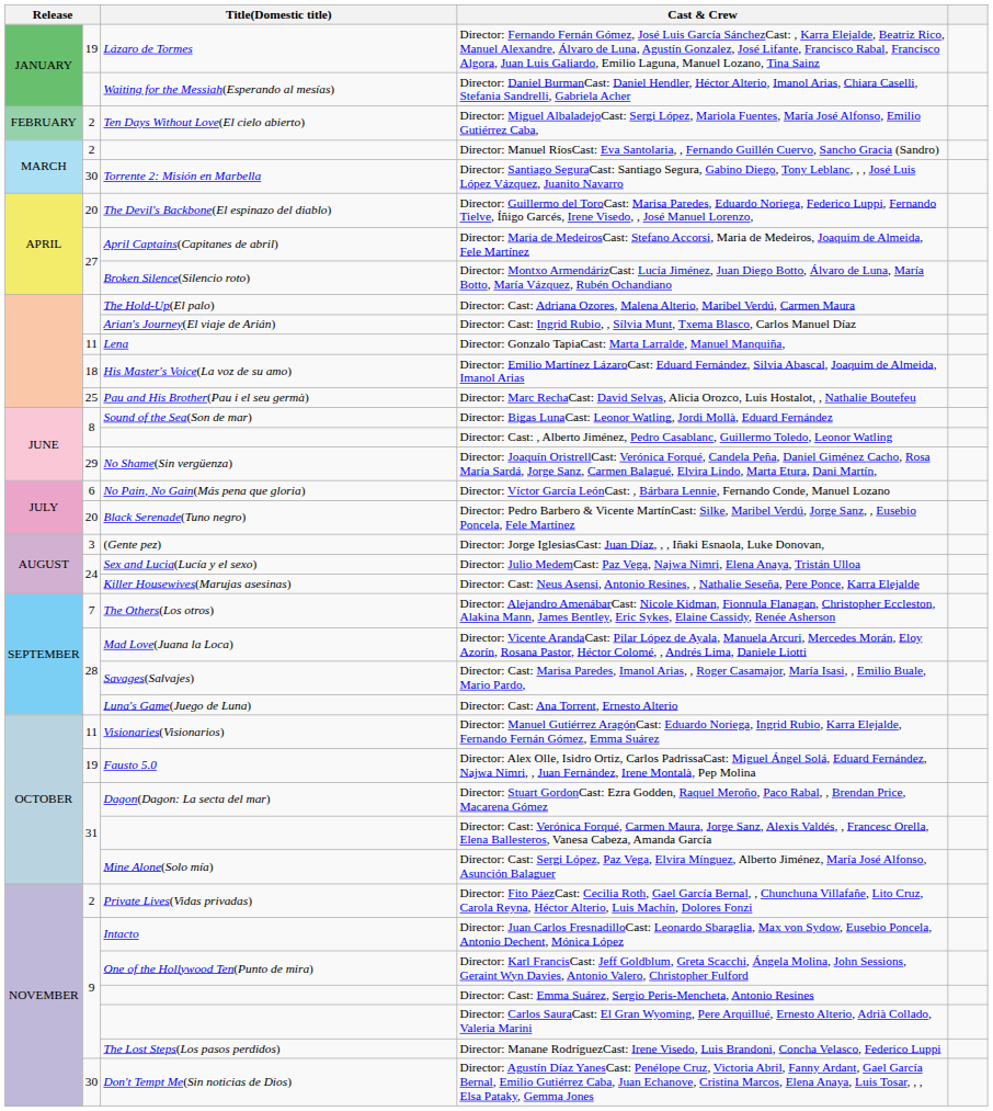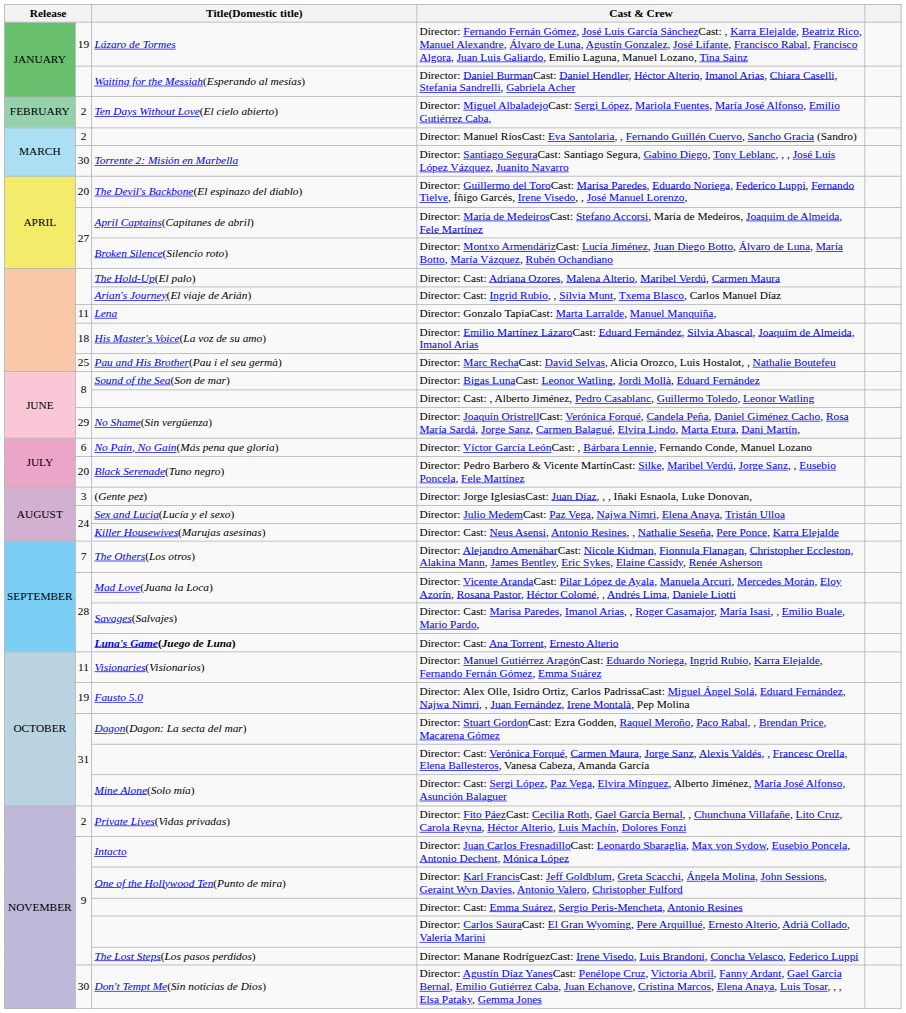 <table class="wikitable sortable" style="width:100%;">
 <tr>
 <th colspan="2" style="width:5%;">Release</th>
 <th>Title(Domestic title)</th>
 <th style="width:50%;">Cast & Crew</th>
 <th style="width:4%;"></th>
 </tr>
 <tr>
 <td align = "center" rowspan = "2" bgcolor = #68bf6e>JANUARY</td>
 <td align = "center">19</td>
 <td><em><a href='#'>Lázaro de Tormes</a></em></td>
 <td>Director: <a href='#'>Fernando Fernán Gómez</a>, <a href='#'>José Luis García Sánchez</a>Cast: , <a href='#'>Karra Elejalde</a>, <a href='#'>Beatriz Rico</a>, <a href='#'>Manuel Alexandre</a>, <a href='#'>Álvaro de Luna</a>, <a href='#'>Agustín Gonzalez</a>, <a href='#'>José Lifante</a>, <a href='#'>Francisco Rabal</a>, <a href='#'>Francisco Algora</a>, <a href='#'>Juan Luis Galiardo</a>, Emilio Laguna, Manuel Lozano, <a href='#'>Tina Sainz</a></td>
 <td align = "center"></td>
 </tr>
 <tr>
 <td></td>
 <td><em><a href='#'>Waiting for the Messiah</a></em>(<em>Esperando al mesías</em>)</td>
 <td>Director: <a href='#'>Daniel Burman</a>Cast: <a href='#'>Daniel Hendler</a>, <a href='#'>Héctor Alterio</a>, <a href='#'>Imanol Arias</a>, <a href='#'>Chiara Caselli</a>, <a href='#'>Stefania Sandrelli</a>, <a href='#'>Gabriela Acher</a></td>
 <td></td>
 </tr>
 <tr>
 <td align = "center" bgcolor = "#95d1ab">FEBRUARY</td>
 <td align = "center">2</td>
 <td><em><a href='#'>Ten Days Without Love</a></em>(<em>El cielo abierto</em>)</td>
 <td>Director: <a href='#'>Miguel Albaladejo</a>Cast: <a href='#'>Sergi López</a>, <a href='#'>Mariola Fuentes</a>,  <a href='#'>María José Alfonso</a>, <a href='#'>Emilio Gutiérrez Caba</a>, </td>
 <td align = "center"></td>
 </tr>
 <tr>
 <td align = "center" rowspan = "2" bgcolor = "#abdff4">MARCH</td>
 <td align = "center">2</td>
 <td><em></em></td>
 <td>Director: Manuel RíosCast: <a href='#'>Eva Santolaria</a>, , <a href='#'>Fernando Guillén Cuervo</a>, <a href='#'>Sancho Gracia</a> (Sandro)</td>
 <td align = "center"></td>
 </tr>
 <tr>
 <td align = "center">30</td>
 <td><em><a href='#'>Torrente 2: Misión en Marbella</a></em></td>
 <td>Director: <a href='#'>Santiago Segura</a>Cast: Santiago Segura, <a href='#'>Gabino Diego</a>, <a href='#'>Tony Leblanc</a>, , , <a href='#'>José Luis López Vázquez</a>, <a href='#'>Juanito Navarro</a></td>
 <td align = "center"></td>
 </tr>
 <tr>
 <td align = "center" rowspan = "3" bgcolor = "f3ec6a">APRIL</td>
 <td align = "center">20</td>
 <td><em> <a href='#'>The Devil's Backbone</a></em>(<em>El espinazo del diablo</em>)</td>
 <td>Director: <a href='#'>Guillermo del Toro</a>Cast: <a href='#'>Marisa Paredes</a>, <a href='#'>Eduardo Noriega</a>, <a href='#'>Federico Luppi</a>, <a href='#'>Fernando Tielve</a>, Íñigo Garcés, <a href='#'>Irene Visedo</a>, , <a href='#'>José Manuel Lorenzo</a>, </td>
 <td align = "center"></td>
 </tr>
 <tr>
 <td rowspan = "2" align = "center">27</td>
 <td><em><a href='#'>April Captains</a></em>(<em>Capitanes de abril</em>)</td>
 <td>Director: <a href='#'>Maria de Medeiros</a>Cast: <a href='#'>Stefano Accorsi</a>, Maria de Medeiros, <a href='#'>Joaquim de Almeida</a>, <a href='#'>Fele Martínez</a></td>
 <td align = "center"></td>
 </tr>
 <tr>
 <td><em><a href='#'>Broken Silence</a></em>(<em>Silencio roto</em>)</td>
 <td>Director: <a href='#'>Montxo Armendáriz</a>Cast: <a href='#'>Lucía Jiménez</a>, <a href='#'>Juan Diego Botto</a>, <a href='#'>Álvaro de Luna</a>, <a href='#'>María Botto</a>, <a href='#'>María Vázquez</a>, <a href='#'>Rubén Ochandiano</a></td>
 <td align = "center"></td>
 </tr>
 <tr>
 <td rowspan = "5" bgcolor = "#fac7a8"></td>
 <td rowspan = "2"></td>
 <td><em><a href='#'>The Hold-Up</a></em>(<em>El palo</em>)</td>
 <td>Director: Cast: <a href='#'>Adriana Ozores</a>, <a href='#'>Malena Alterio</a>, <a href='#'>Maribel Verdú</a>, <a href='#'>Carmen Maura</a></td>
 <td align = "center"></td>
 </tr>
 <tr>
 <td><em><a href='#'>Arian's Journey</a></em>(<em>El viaje de Arián</em>)</td>
 <td>Director: Cast: <a href='#'>Ingrid Rubio</a>, , <a href='#'>Sílvia Munt</a>, <a href='#'>Txema Blasco</a>, Carlos Manuel Díaz</td>
 <td></td>
 </tr>
 <tr>
 <td align = "center">11</td>
 <td><em><a href='#'>Lena</a></em></td>
 <td>Director: Gonzalo TapiaCast: <a href='#'>Marta Larralde</a>, <a href='#'>Manuel Manquiña</a>, </td>
 <td align = "center"></td>
 </tr>
 <tr>
 <td align = "center">18</td>
 <td><em><a href='#'>His Master's Voice</a></em>(<em>La voz de su amo</em>)</td>
 <td>Director: <a href='#'>Emilio Martínez Lázaro</a>Cast: <a href='#'>Eduard Fernández</a>, <a href='#'>Silvia Abascal</a>, <a href='#'>Joaquim de Almeida</a>, <a href='#'>Imanol Arias</a></td>
 <td align = "center"></td>
 </tr>
 <tr>
 <td align = "center">25</td>
 <td><em><a href='#'>Pau and His Brother</a></em>(<em>Pau i el seu germà</em>)</td>
 <td>Director: <a href='#'>Marc Recha</a>Cast: <a href='#'>David Selvas</a>, Alicia Orozco, Luis Hostalot, , <a href='#'>Nathalie Boutefeu</a></td>
 <td align = "center"></td>
 </tr>
 <tr>
 <td align = "center" rowspan = "3" bgcolor = "#fac7d6">JUNE</td>
 <td align = "center" rowspan = "2">8</td>
 <td><em><a href='#'>Sound of the Sea</a></em>(<em>Son de mar</em>)</td>
 <td>Director: <a href='#'>Bigas Luna</a>Cast: <a href='#'>Leonor Watling</a>, <a href='#'>Jordi Mollà</a>, <a href='#'>Eduard Fernández</a></td>
 <td align = "center"></td>
 </tr>
 <tr>
 <td><em></em></td>
 <td>Director: Cast: , Alberto Jiménez, <a href='#'>Pedro Casablanc</a>, <a href='#'>Guillermo Toledo</a>, <a href='#'>Leonor Watling</a></td>
 <td align = "center"></td>
 </tr>
 <tr>
 <td align = "center">29</td>
 <td><em><a href='#'>No Shame</a></em>(<em>Sin vergüenza</em>)</td>
 <td>Director: <a href='#'>Joaquín Oristrell</a>Cast: <a href='#'>Verónica Forqué</a>, <a href='#'>Candela Peña</a>, <a href='#'>Daniel Giménez Cacho</a>, <a href='#'>Rosa María Sardá</a>, <a href='#'>Jorge Sanz</a>, <a href='#'>Carmen Balagué</a>, <a href='#'>Elvira Lindo</a>, <a href='#'>Marta Etura</a>, <a href='#'>Dani Martín</a>, </td>
 <td align = "center"></td>
 </tr>
 <tr>
 <td align = "center" rowspan = "2" bgcolor = "#eba5c9">JULY</td>
 <td align = "center">6</td>
 <td><em><a href='#'>No Pain, No Gain</a></em>(<em>Más pena que gloria</em>)</td>
 <td>Director: <a href='#'>Víctor García León</a>Cast: , <a href='#'>Bárbara Lennie</a>, Fernando Conde, Manuel Lozano</td>
 <td align = "center"></td>
 </tr>
 <tr>
 <td align = "center">20</td>
 <td><em><a href='#'>Black Serenade</a></em>(<em>Tuno negro</em>)</td>
 <td>Director: Pedro Barbero & Vicente MartínCast: <a href='#'>Silke</a>, <a href='#'>Maribel Verdú</a>, <a href='#'>Jorge Sanz</a>, , <a href='#'>Eusebio Poncela</a>, <a href='#'>Fele Martínez</a></td>
 <td align = "center"></td>
 </tr>
 <tr>
 <td align = "center" rowspan = "3" bgcolor = "#d2b0d1">AUGUST</td>
 <td align = "center">3</td>
 <td><em></em>(<em>Gente pez</em>)</td>
 <td>Director: Jorge IglesiasCast: <a href='#'>Juan Díaz</a>, , , Iñaki Esnaola, Luke Donovan, </td>
 <td align = "center"></td>
 </tr>
 <tr>
 <td align = "center" rowspan = "2">24</td>
 <td><em><a href='#'>Sex and Lucia</a></em>(<em>Lucía y el sexo</em>)</td>
 <td>Director: <a href='#'>Julio Medem</a>Cast: <a href='#'>Paz Vega</a>, <a href='#'>Najwa Nimri</a>, <a href='#'>Elena Anaya</a>, <a href='#'>Tristán Ulloa</a></td>
 <td align = "center"></td>
 </tr>
 <tr>
 <td><em><a href='#'>Killer Housewives</a></em>(<em>Marujas asesinas</em>)</td>
 <td>Director: Cast: <a href='#'>Neus Asensi</a>, <a href='#'>Antonio Resines</a>, , <a href='#'>Nathalie Seseña</a>, <a href='#'>Pere Ponce</a>, <a href='#'>Karra Elejalde</a></td>
 <td align = "center"></td>
 </tr>
 <tr>
 <td align = "center" rowspan = "4" bgcolor = "#7bcff4">SEPTEMBER</td>
 <td align = "center">7</td>
 <td><em><a href='#'>The Others</a></em>(<em>Los otros</em>)</td>
 <td>Director: <a href='#'>Alejandro Amenábar</a>Cast: <a href='#'>Nicole Kidman</a>, <a href='#'>Fionnula Flanagan</a>, <a href='#'>Christopher Eccleston</a>, <a href='#'>Alakina Mann</a>, <a href='#'>James Bentley</a>, <a href='#'>Eric Sykes</a>, <a href='#'>Elaine Cassidy</a>, <a href='#'>Renée Asherson</a></td>
 <td align = "center"></td>
 </tr>
 <tr>
 <td align = "center" rowspan = "3">28</td>
 <td><em><a href='#'>Mad Love</a></em>(<em>Juana la Loca</em>)</td>
 <td>Director: <a href='#'>Vicente Aranda</a>Cast: <a href='#'>Pilar López de Ayala</a>, <a href='#'>Manuela Arcuri</a>, <a href='#'>Mercedes Morán</a>, <a href='#'>Eloy Azorín</a>, <a href='#'>Rosana Pastor</a>, <a href='#'>Héctor Colomé</a>, , <a href='#'>Andrés Lima</a>, <a href='#'>Daniele Liotti</a></td>
 <td align = "center"></td>
 </tr>
 <tr>
 <td><em><a href='#'>Savages</a></em>(<em>Salvajes</em>)</td>
 <td>Director: Cast: <a href='#'>Marisa Paredes</a>, <a href='#'>Imanol Arias</a>, , <a href='#'>Roger Casamajor</a>, <a href='#'>María Isasi</a>, , <a href='#'>Emilio Buale</a>, <a href='#'>Mario Pardo</a>, </td>
 <td align = "center"></td>
 </tr>
 <tr>
-<td><em><a href='#'>Luna's Game</a></em>(<em>Juego de Luna</em>)</td>
+<td><strong><em><a href='#'>Luna's Game</a></em>(<em>Juego de Luna</em>)</strong></td>
 <td>Director: Cast: <a href='#'>Ana Torrent</a>, <a href='#'>Ernesto Alterio</a></td>
 <td align = "center"></td>
 </tr>
 <tr>
 <td align = "center" rowspan = "5" bgcolor = "#b9d4e">OCTOBER</td>
 <td align = "center">11</td>
 <td><em><a href='#'>Visionaries</a></em>(<em>Visionarios</em>)</td>
 <td>Director: <a href='#'>Manuel Gutiérrez Aragón</a>Cast: <a href='#'>Eduardo Noriega</a>, <a href='#'>Ingrid Rubio</a>, <a href='#'>Karra Elejalde</a>, <a href='#'>Fernando Fernán Gómez</a>, <a href='#'>Emma Suárez</a></td>
 <td align = "center"></td>
 </tr>
 <tr>
 <td align = "center">19</td>
 <td><em><a href='#'>Fausto 5.0</a></em></td>
 <td>Director: Alex Olle, Isidro Ortiz, Carlos PadrissaCast: <a href='#'>Miguel Ángel Solá</a>, <a href='#'>Eduard Fernández</a>, <a href='#'>Najwa Nimri</a>, , <a href='#'>Juan Fernández</a>, <a href='#'>Irene Montalà</a>, Pep Molina</td>
 <td align = "center"></td>
 </tr>
 <tr>
 <td align = "center" rowspan = "3">31</td>
 <td><em><a href='#'>Dagon</a></em>(<em>Dagon: La secta del mar</em>)</td>
 <td>Director: <a href='#'>Stuart Gordon</a>Cast: Ezra Godden, <a href='#'>Raquel Meroño</a>, <a href='#'>Paco Rabal</a>, , <a href='#'>Brendan Price</a>, <a href='#'>Macarena Gómez</a></td>
 <td align = "center"></td>
 </tr>
 <tr>
 <td><em></em></td>
 <td>Director: Cast: <a href='#'>Verónica Forqué</a>, <a href='#'>Carmen Maura</a>, <a href='#'>Jorge Sanz</a>, <a href='#'>Alexis Valdés</a>, , <a href='#'>Francesc Orella</a>, <a href='#'>Elena Ballesteros</a>, Vanesa Cabeza, Amanda García</td>
 <td align = "center"></td>
 </tr>
 <tr>
 <td><em><a href='#'>Mine Alone</a></em>(<em>Solo mía</em>)</td>
 <td>Director: Cast: <a href='#'>Sergi López</a>, <a href='#'>Paz Vega</a>, <a href='#'>Elvira Mínguez</a>, Alberto Jiménez, <a href='#'>María José Alfonso</a>, <a href='#'>Asunción Balaguer</a></td>
 <td align = "center"></td>
 </tr>
 <tr>
 <td align = "center" rowspan = "7" bgcolor = "#bfb8d9">NOVEMBER</td>
 <td align = "center">2</td>
 <td><em><a href='#'>Private Lives</a></em>(<em>Vidas privadas</em>)</td>
 <td>Director: <a href='#'>Fito Páez</a>Cast: <a href='#'>Cecilia Roth</a>, <a href='#'>Gael García Bernal</a>, , <a href='#'>Chunchuna Villafañe</a>, <a href='#'>Lito Cruz</a>, <a href='#'>Carola Reyna</a>, <a href='#'>Héctor Alterio</a>, <a href='#'>Luis Machín</a>, <a href='#'>Dolores Fonzi</a></td>
 <td align = "center"></td>
 </tr>
 <tr>
 <td align = "center" rowspan = "5">9</td>
 <td><em><a href='#'>Intacto</a></em></td>
 <td>Director: <a href='#'>Juan Carlos Fresnadillo</a>Cast: <a href='#'>Leonardo Sbaraglia</a>, <a href='#'>Max von Sydow</a>, <a href='#'>Eusebio Poncela</a>, <a href='#'>Antonio Dechent</a>, <a href='#'>Mónica López</a></td>
 <td align = "center"></td>
 </tr>
 <tr>
 <td><em><a href='#'>One of the Hollywood Ten</a></em>(<em>Punto de mira</em>)</td>
 <td>Director: <a href='#'>Karl Francis</a>Cast: <a href='#'>Jeff Goldblum</a>, <a href='#'>Greta Scacchi</a>, <a href='#'>Ángela Molina</a>, <a href='#'>John Sessions</a>, <a href='#'>Geraint Wyn Davies</a>, <a href='#'>Antonio Valero</a>, <a href='#'>Christopher Fulford</a></td>
 <td align = "center"></td>
 </tr>
 <tr>
 <td><em></em></td>
 <td>Director: Cast: <a href='#'>Emma Suárez</a>, <a href='#'>Sergio Peris-Mencheta</a>, <a href='#'>Antonio Resines</a></td>
 <td align = "center"></td>
 </tr>
 <tr>
 <td><em></em></td>
 <td>Director: <a href='#'>Carlos Saura</a>Cast: <a href='#'>El Gran Wyoming</a>, <a href='#'>Pere Arquillué</a>, <a href='#'>Ernesto Alterio</a>, <a href='#'>Adrià Collado</a>, <a href='#'>Valeria Marini</a></td>
 <td align = "center"></td>
 </tr>
 <tr>
 <td><em><a href='#'>The Lost Steps</a></em>(<em>Los pasos perdidos</em>)</td>
 <td>Director: Manane RodríguezCast: <a href='#'>Irene Visedo</a>, <a href='#'>Luis Brandoni</a>, <a href='#'>Concha Velasco</a>, <a href='#'>Federico Luppi</a></td>
 <td align = "center"></td>
 </tr>
 <tr>
 <td align = "center">30</td>
 <td><em><a href='#'>Don't Tempt Me</a></em>(<em>Sin noticias de Dios</em>)</td>
 <td>Director: <a href='#'>Agustín Díaz Yanes</a>Cast: <a href='#'>Penélope Cruz</a>, <a href='#'>Victoria Abril</a>, <a href='#'>Fanny Ardant</a>, <a href='#'>Gael García Bernal</a>, <a href='#'>Emilio Gutiérrez Caba</a>, <a href='#'>Juan Echanove</a>, <a href='#'>Cristina Marcos</a>, <a href='#'>Elena Anaya</a>, <a href='#'>Luis Tosar</a>, , , <a href='#'>Elsa Pataky</a>, <a href='#'>Gemma Jones</a></td>
 <td align = "center"><br></td>
 </tr>
 </table>
